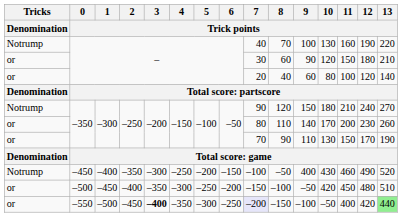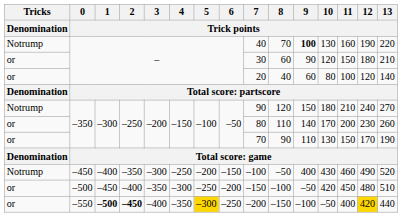 <table class="wikitable">
 <tr>
 <th>Tricks</th>
 <th>0</th>
 <th>1</th>
 <th>2</th>
 <th>3</th>
 <th>4</th>
 <th>5</th>
 <th>6</th>
 <th>7</th>
 <th>8</th>
 <th>9</th>
 <th>10</th>
 <th>11</th>
 <th>12</th>
 <th>13</th>
 </tr>
 <tr>
 <th align="left">Denomination</th>
 <th colspan="14">Trick points</th>
 </tr>
 <tr align="right">
 <td align="left">Notrump</td>
 <td colspan="7" rowspan="3" align="center">–</td>
 <td>40</td>
 <td>70</td>
-<td>100</td>
+<td><strong>100</strong></td>
 <td>130</td>
 <td>160</td>
 <td>190</td>
 <td>220</td>
 </tr>
 <tr align="right">
 <td align="left"> or </td>
 <td>30</td>
 <td>60</td>
 <td>90</td>
 <td>120</td>
 <td>150</td>
 <td>180</td>
 <td>210</td>
 </tr>
 <tr align="right">
 <td align="left"> or </td>
 <td>20</td>
 <td>40</td>
 <td>60</td>
 <td>80</td>
 <td>100</td>
 <td>120</td>
 <td>140</td>
 </tr>
 <tr>
 <th align="left">Denomination</th>
 <th colspan="14">Total score: partscore</th>
 </tr>
 <tr align="right">
 <td align="left">Notrump</td>
 <td rowspan="3">–350</td>
 <td rowspan="3">–300</td>
 <td rowspan="3">–250</td>
 <td rowspan="3">–200</td>
 <td rowspan="3">–150</td>
 <td rowspan="3">–100</td>
 <td rowspan="3">–50</td>
 <td>90</td>
 <td>120</td>
 <td>150</td>
 <td>180</td>
 <td>210</td>
 <td>240</td>
 <td>270</td>
 </tr>
 <tr align="right">
 <td align="left"> or </td>
 <td>80</td>
 <td>110</td>
 <td>140</td>
 <td>170</td>
 <td>200</td>
 <td>230</td>
 <td>260</td>
 </tr>
 <tr align="right">
 <td align="left"> or </td>
 <td>70</td>
 <td>90</td>
 <td>110</td>
 <td>130</td>
 <td>150</td>
 <td>170</td>
 <td>190</td>
 </tr>
 <tr>
 <th align="left">Denomination</th>
 <th colspan="14">Total score: game</th>
 </tr>
 <tr align="right">
 <td align="left">Notrump</td>
 <td>–450</td>
 <td>–400</td>
 <td>–350</td>
 <td>–300</td>
 <td>–250</td>
 <td>–200</td>
 <td>–150</td>
 <td>–100</td>
 <td>–50</td>
 <td>400</td>
 <td>430</td>
 <td>460</td>
 <td>490</td>
 <td>520</td>
 </tr>
 <tr align="right">
 <td align="left"> or </td>
 <td>–500</td>
 <td>–450</td>
 <td>–400</td>
 <td>–350</td>
 <td>–300</td>
 <td>–250</td>
 <td>–200</td>
 <td>–150</td>
 <td>–100</td>
 <td>–50</td>
 <td>420</td>
 <td>450</td>
 <td>480</td>
 <td>510</td>
 </tr>
 <tr align="right">
 <td align="left"> or </td>
 <td>–550</td>
-<td>–500</td>
-<td>–450</td>
-<td><strong>–400</strong></td>
+<td><strong>–500</strong></td>
+<td><strong>–450</strong></td>
+<td>–400</td>
 <td>–350</td>
-<td>–300</td>
+<td style="background: gold;">–300</td>
 <td>–250</td>
-<td style="background: lavender;">–200</td>
+<td>–200</td>
 <td>–150</td>
 <td>–100</td>
 <td>–50</td>
 <td>400</td>
-<td>420</td>
-<td style="background: lightgreen;">440</td>
+<td style="background: gold;">420</td>
+<td>440</td>
 </tr>
 </table>
